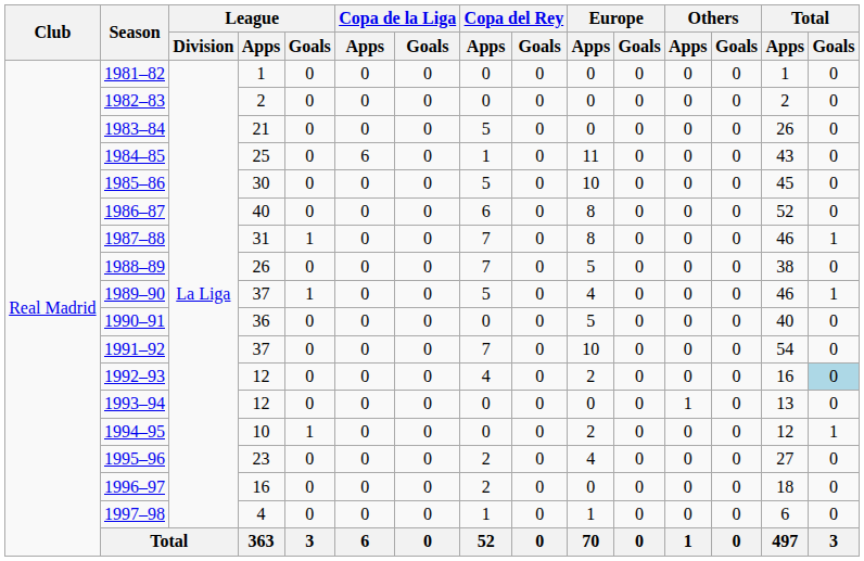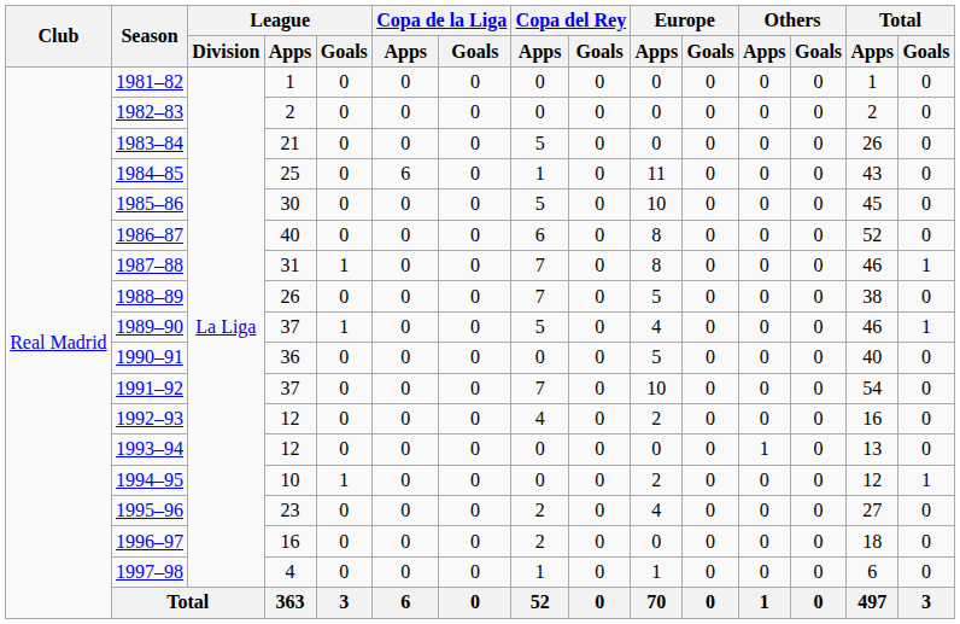 <table class="wikitable" style="text-align:center">
 <tr>
 <th rowspan="2">Club</th>
 <th rowspan="2">Season</th>
 <th colspan="3">League</th>
 <th colspan="2"><a href='#'>Copa de la Liga</a></th>
 <th colspan="2"><a href='#'>Copa del Rey</a></th>
 <th colspan="2">Europe</th>
 <th colspan="2">Others</th>
 <th colspan="2">Total</th>
 </tr>
 <tr>
 <th>Division</th>
 <th>Apps</th>
 <th>Goals</th>
 <th>Apps</th>
 <th>Goals</th>
 <th>Apps</th>
 <th>Goals</th>
 <th>Apps</th>
 <th>Goals</th>
 <th>Apps</th>
 <th>Goals</th>
 <th>Apps</th>
 <th>Goals</th>
 </tr>
 <tr>
 <td rowspan="18"><a href='#'>Real Madrid</a></td>
 <td><a href='#'>1981–82</a></td>
 <td rowspan="17"><a href='#'>La Liga</a></td>
 <td>1</td>
 <td>0</td>
 <td>0</td>
 <td>0</td>
 <td>0</td>
 <td>0</td>
 <td>0</td>
 <td>0</td>
 <td>0</td>
 <td>0</td>
 <td>1</td>
 <td>0</td>
 </tr>
 <tr>
 <td><a href='#'>1982–83</a></td>
 <td>2</td>
 <td>0</td>
 <td>0</td>
 <td>0</td>
 <td>0</td>
 <td>0</td>
 <td>0</td>
 <td>0</td>
 <td>0</td>
 <td>0</td>
 <td>2</td>
 <td>0</td>
 </tr>
 <tr>
 <td><a href='#'>1983–84</a></td>
 <td>21</td>
 <td>0</td>
 <td>0</td>
 <td>0</td>
 <td>5</td>
 <td>0</td>
 <td>0</td>
 <td>0</td>
 <td>0</td>
 <td>0</td>
 <td>26</td>
 <td>0</td>
 </tr>
 <tr>
 <td><a href='#'>1984–85</a></td>
 <td>25</td>
 <td>0</td>
 <td>6</td>
 <td>0</td>
 <td>1</td>
 <td>0</td>
 <td>11</td>
 <td>0</td>
 <td>0</td>
 <td>0</td>
 <td>43</td>
 <td>0</td>
 </tr>
 <tr>
 <td><a href='#'>1985–86</a></td>
 <td>30</td>
 <td>0</td>
 <td>0</td>
 <td>0</td>
 <td>5</td>
 <td>0</td>
 <td>10</td>
 <td>0</td>
 <td>0</td>
 <td>0</td>
 <td>45</td>
 <td>0</td>
 </tr>
 <tr>
 <td><a href='#'>1986–87</a></td>
 <td>40</td>
 <td>0</td>
 <td>0</td>
 <td>0</td>
 <td>6</td>
 <td>0</td>
 <td>8</td>
 <td>0</td>
 <td>0</td>
 <td>0</td>
 <td>52</td>
 <td>0</td>
 </tr>
 <tr>
 <td><a href='#'>1987–88</a></td>
 <td>31</td>
 <td>1</td>
 <td>0</td>
 <td>0</td>
 <td>7</td>
 <td>0</td>
 <td>8</td>
 <td>0</td>
 <td>0</td>
 <td>0</td>
 <td>46</td>
 <td>1</td>
 </tr>
 <tr>
 <td><a href='#'>1988–89</a></td>
 <td>26</td>
 <td>0</td>
 <td>0</td>
 <td>0</td>
 <td>7</td>
 <td>0</td>
 <td>5</td>
 <td>0</td>
 <td>0</td>
 <td>0</td>
 <td>38</td>
 <td>0</td>
 </tr>
 <tr>
 <td><a href='#'>1989–90</a></td>
 <td>37</td>
 <td>1</td>
 <td>0</td>
 <td>0</td>
 <td>5</td>
 <td>0</td>
 <td>4</td>
 <td>0</td>
 <td>0</td>
 <td>0</td>
 <td>46</td>
 <td>1</td>
 </tr>
 <tr>
 <td><a href='#'>1990–91</a></td>
 <td>36</td>
 <td>0</td>
 <td>0</td>
 <td>0</td>
 <td>0</td>
 <td>0</td>
 <td>5</td>
 <td>0</td>
 <td>0</td>
 <td>0</td>
 <td>40</td>
 <td>0</td>
 </tr>
 <tr>
 <td><a href='#'>1991–92</a></td>
 <td>37</td>
 <td>0</td>
 <td>0</td>
 <td>0</td>
 <td>7</td>
 <td>0</td>
 <td>10</td>
 <td>0</td>
 <td>0</td>
 <td>0</td>
 <td>54</td>
 <td>0</td>
 </tr>
 <tr>
 <td><a href='#'>1992–93</a></td>
 <td>12</td>
 <td>0</td>
 <td>0</td>
 <td>0</td>
 <td>4</td>
 <td>0</td>
 <td>2</td>
 <td>0</td>
 <td>0</td>
 <td>0</td>
 <td>16</td>
-<td style="background: lightblue;">0</td>
+<td>0</td>
 </tr>
 <tr>
 <td><a href='#'>1993–94</a></td>
 <td>12</td>
 <td>0</td>
 <td>0</td>
 <td>0</td>
 <td>0</td>
 <td>0</td>
 <td>0</td>
 <td>0</td>
 <td>1</td>
 <td>0</td>
 <td>13</td>
 <td>0</td>
 </tr>
 <tr>
 <td><a href='#'>1994–95</a></td>
 <td>10</td>
 <td>1</td>
 <td>0</td>
 <td>0</td>
 <td>0</td>
 <td>0</td>
 <td>2</td>
 <td>0</td>
 <td>0</td>
 <td>0</td>
 <td>12</td>
 <td>1</td>
 </tr>
 <tr>
 <td><a href='#'>1995–96</a></td>
 <td>23</td>
 <td>0</td>
 <td>0</td>
 <td>0</td>
 <td>2</td>
 <td>0</td>
 <td>4</td>
 <td>0</td>
 <td>0</td>
 <td>0</td>
 <td>27</td>
 <td>0</td>
 </tr>
 <tr>
 <td><a href='#'>1996–97</a></td>
 <td>16</td>
 <td>0</td>
 <td>0</td>
 <td>0</td>
 <td>2</td>
 <td>0</td>
 <td>0</td>
 <td>0</td>
 <td>0</td>
 <td>0</td>
 <td>18</td>
 <td>0</td>
 </tr>
 <tr>
 <td><a href='#'>1997–98</a></td>
 <td>4</td>
 <td>0</td>
 <td>0</td>
 <td>0</td>
 <td>1</td>
 <td>0</td>
 <td>1</td>
 <td>0</td>
 <td>0</td>
 <td>0</td>
 <td>6</td>
 <td>0</td>
 </tr>
 <tr>
 <th colspan="2">Total</th>
 <th>363</th>
 <th>3</th>
 <th>6</th>
 <th>0</th>
 <th>52</th>
 <th>0</th>
 <th>70</th>
 <th>0</th>
 <th>1</th>
 <th>0</th>
 <th>497</th>
 <th>3</th>
 </tr>
 <tr>
 </tr>
 </table>
